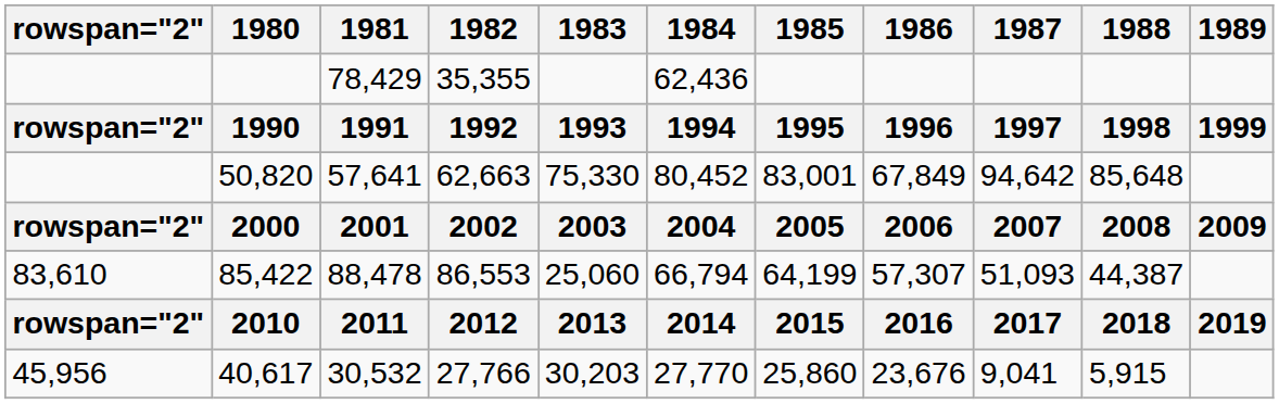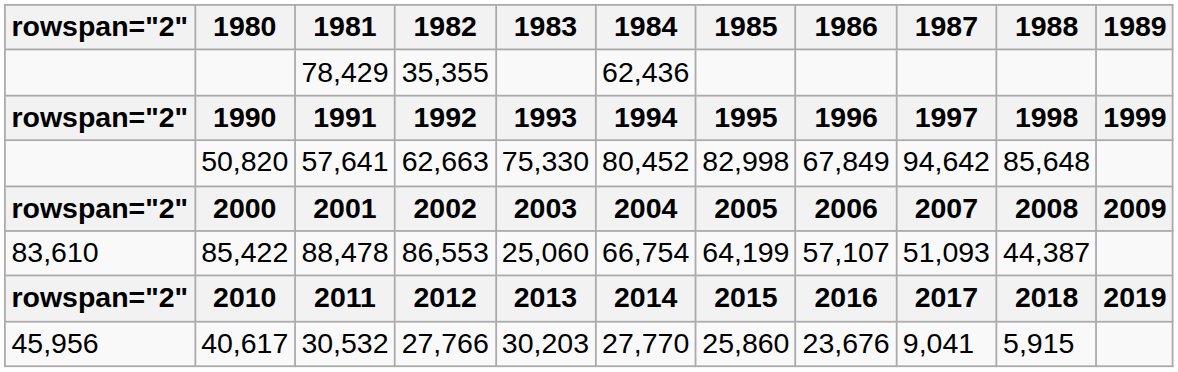 <table class = "wikitable">
 <tr>
 <th>rowspan="2" </th>
 <th>1980</th>
 <th>1981</th>
 <th>1982</th>
 <th>1983</th>
 <th>1984</th>
 <th>1985</th>
 <th>1986</th>
 <th>1987</th>
 <th>1988</th>
 <th>1989</th>
 </tr>
 <tr>
 <td></td>
 <td></td>
 <td>78,429</td>
 <td>35,355</td>
 <td></td>
 <td>62,436</td>
 <td></td>
 <td></td>
 <td></td>
 <td></td>
 </tr>
 <tr>
 <th>rowspan="2" </th>
 <th>1990</th>
 <th>1991</th>
 <th>1992</th>
 <th>1993</th>
 <th>1994</th>
 <th>1995</th>
 <th>1996</th>
 <th>1997</th>
 <th>1998</th>
 <th>1999</th>
 </tr>
 <tr>
 <td></td>
 <td>50,820</td>
 <td>57,641</td>
 <td>62,663</td>
 <td>75,330</td>
 <td>80,452</td>
-<td>83,001</td>
+<td>82,998</td>
 <td>67,849</td>
 <td>94,642</td>
 <td>85,648</td>
 </tr>
 <tr>
 <th>rowspan="2" </th>
 <th>2000</th>
 <th>2001</th>
 <th>2002</th>
 <th>2003</th>
 <th>2004</th>
 <th>2005</th>
 <th>2006</th>
 <th>2007</th>
 <th>2008</th>
 <th>2009</th>
 </tr>
 <tr>
 <td>83,610</td>
 <td>85,422</td>
 <td>88,478</td>
 <td>86,553</td>
 <td>25,060</td>
-<td>66,794</td>
+<td>66,754</td>
 <td>64,199</td>
-<td>57,307</td>
+<td>57,107</td>
 <td>51,093</td>
 <td>44,387</td>
 </tr>
 <tr>
 <th>rowspan="2" </th>
 <th>2010</th>
 <th>2011</th>
 <th>2012</th>
 <th>2013</th>
 <th>2014</th>
 <th>2015</th>
 <th>2016</th>
 <th>2017</th>
 <th>2018</th>
 <th>2019</th>
 </tr>
 <tr>
 <td>45,956</td>
 <td>40,617</td>
 <td>30,532</td>
 <td>27,766</td>
 <td>30,203</td>
 <td>27,770</td>
 <td>25,860</td>
 <td>23,676</td>
 <td>9,041</td>
 <td>5,915</td>
 </tr>
 </table>
